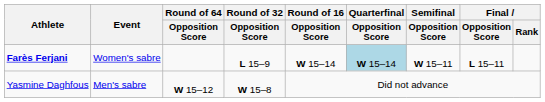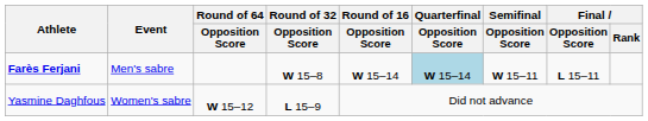 <table class="wikitable" style="font-size:90%">
 <tr>
 <th rowspan="2">Athlete</th>
 <th rowspan="2">Event</th>
 <th>Round of 64</th>
 <th>Round of 32</th>
 <th>Round of 16</th>
 <th>Quarterfinal</th>
 <th>Semifinal</th>
 <th colspan=2>Final / </th>
 </tr>
 <tr style="font-size:95%">
 <th>Opposition <br> Score</th>
 <th>Opposition <br> Score</th>
 <th>Opposition <br> Score</th>
 <th>Opposition <br> Score</th>
 <th>Opposition <br> Score</th>
 <th>Opposition <br> Score</th>
 <th>Rank</th>
 </tr>
 <tr align=center>
 <td align=left><strong><a href='#'>Farès Ferjani</a></strong></td>
-<td align=left><a href='#'>Women's sabre</a></td>
+<td align=left><a href='#'>Men's sabre</a></td>
 <td></td>
-<td><br> <strong>L</strong> 15–9</td>
+<td><br> <strong>W</strong> 15–8</td>
 <td><br> <strong>W</strong> 15–14</td>
 <td style="background: lightblue;"><br> <strong>W</strong> 15–14</td>
 <td><br> <strong>W</strong> 15–11</td>
 <td><br> <strong>L</strong> 15–11</td>
 <td></td>
 </tr>
 <tr align=center>
 <td align=left><a href='#'>Yasmine Daghfous</a></td>
-<td align=left><a href='#'>Men's sabre</a></td>
+<td align=left><a href='#'>Women's sabre</a></td>
 <td><br> <strong>W</strong> 15–12</td>
-<td><br> <strong>W</strong> 15–8</td>
+<td><br> <strong>L</strong> 15–9</td>
 <td colspan="5">Did not advance</td>
 </tr>
 </table>
